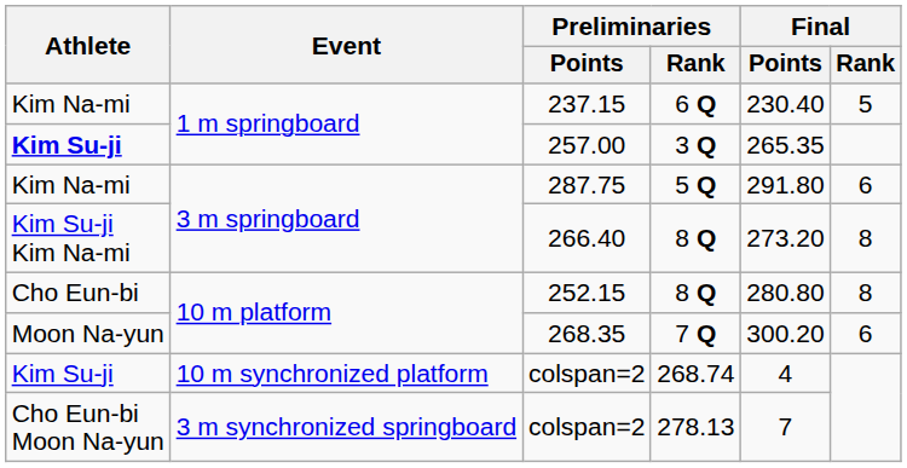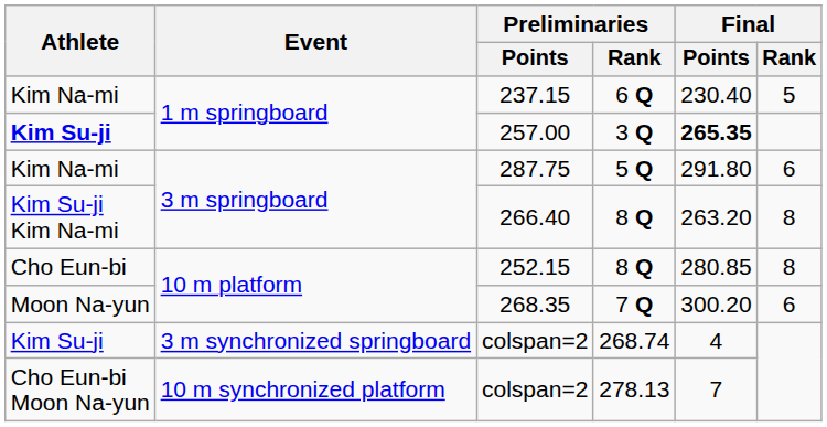 <table class=wikitable style=font-size:90%;text-align:center>
 <tr>
 <th rowspan="2">Athlete</th>
 <th rowspan="2">Event</th>
 <th colspan="2">Preliminaries</th>
 <th colspan="2">Final</th>
 </tr>
 <tr style="font-size:95%">
 <th>Points</th>
 <th>Rank</th>
 <th>Points</th>
 <th>Rank</th>
 </tr>
 <tr>
 <td align=left>Kim Na-mi</td>
 <td align=left rowspan=2><a href='#'>1 m springboard</a></td>
 <td>237.15</td>
 <td>6 <strong>Q</strong></td>
 <td>230.40</td>
 <td>5</td>
 </tr>
 <tr>
 <td align=left><strong><a href='#'>Kim Su-ji</a></strong></td>
 <td>257.00</td>
 <td>3 <strong>Q</strong></td>
-<td>265.35</td>
+<td><strong>265.35</strong></td>
 <td></td>
 </tr>
 <tr>
 <td align=left>Kim Na-mi</td>
 <td align=left rowspan=2><a href='#'>3 m springboard</a></td>
 <td>287.75</td>
 <td>5 <strong>Q</strong></td>
 <td>291.80</td>
 <td>6</td>
 </tr>
 <tr>
 <td align=left><a href='#'>Kim Su-ji</a><br>Kim Na-mi</td>
 <td>266.40</td>
 <td>8 <strong>Q</strong></td>
-<td>273.20</td>
+<td>263.20</td>
 <td>8</td>
 </tr>
 <tr>
 <td align=left>Cho Eun-bi</td>
 <td align=left rowspan=2><a href='#'>10 m platform</a></td>
 <td>252.15</td>
 <td>8 <strong>Q</strong></td>
-<td>280.80</td>
+<td>280.85</td>
 <td>8</td>
 </tr>
 <tr>
 <td align=left>Moon Na-yun</td>
 <td>268.35</td>
 <td>7 <strong>Q</strong></td>
 <td>300.20</td>
 <td>6</td>
 </tr>
 <tr>
 <td align=left><a href='#'>Kim Su-ji</a></td>
-<td align=left><a href='#'>10 m synchronized platform</a></td>
+<td align=left><a href='#'>3 m synchronized springboard</a></td>
 <td>colspan=2 </td>
 <td>268.74</td>
 <td>4</td>
 </tr>
 <tr>
 <td align=left>Cho Eun-bi<br>Moon Na-yun</td>
-<td align=left><a href='#'>3 m synchronized springboard</a></td>
+<td align=left><a href='#'>10 m synchronized platform</a></td>
 <td>colspan=2 </td>
 <td>278.13</td>
 <td>7</td>
 </tr>
 </table>
